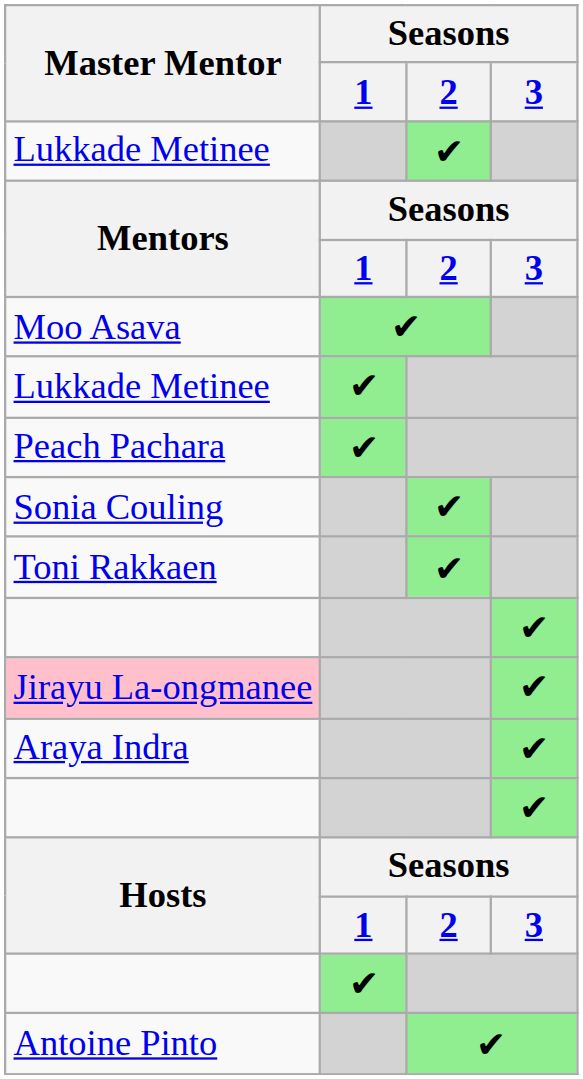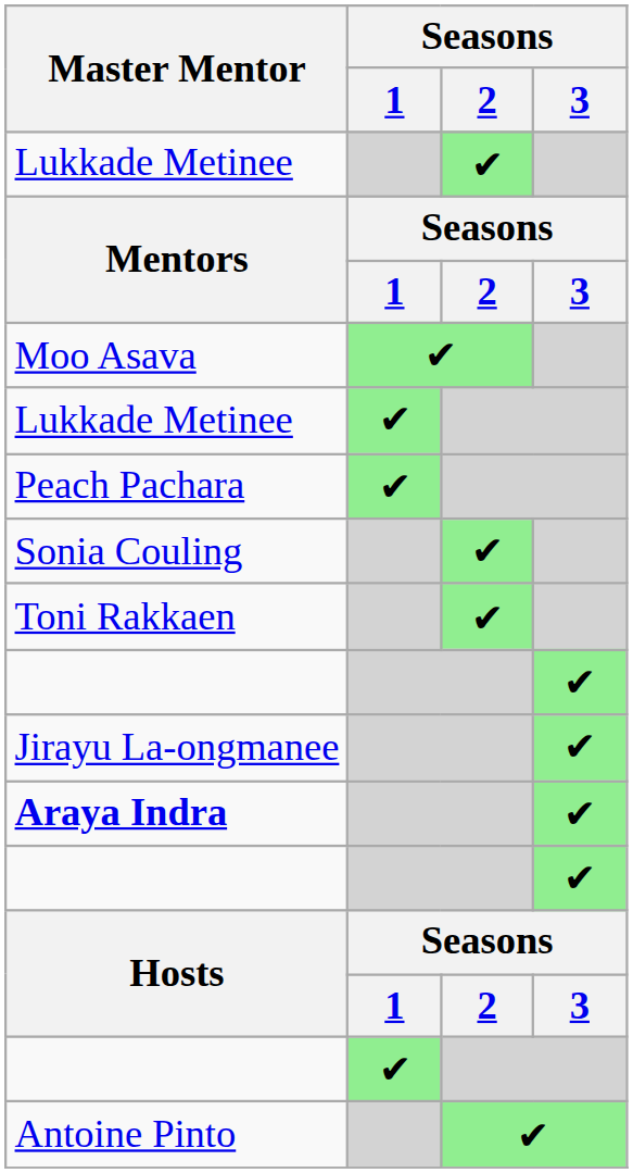 <table class="wikitable">
 <tr>
 <th rowspan="2">Master Mentor</th>
 <th colspan="3">Seasons</th>
 </tr>
 <tr>
 <th><strong><a href='#'>1</a></strong></th>
 <th><strong><a href='#'>2</a></strong></th>
 <th><strong><a href='#'>3</a></strong></th>
 </tr>
 <tr>
 <td><a href='#'>Lukkade Metinee</a></td>
 <td colspan="1" style="background: #D3D3D3"></td>
 <td colspan="1"  style = "background:lightgreen; text-align:center;">✔</td>
 <td colspan="2" style="background: #D3D3D3"></td>
 </tr>
 <tr>
 <th rowspan="2">Mentors</th>
 <th colspan="3">Seasons</th>
 </tr>
 <tr>
 <th style="width:30px;"><strong><a href='#'>1</a></strong></th>
 <th style="width:30px;"><strong><a href='#'>2</a></strong></th>
 <th style="width:30px;"><strong><a href='#'>3</a></strong></th>
 </tr>
 <tr>
 <td><a href='#'>Moo Asava</a></td>
 <td colspan="2"  style = "background:lightgreen; text-align:center;">✔</td>
 <td colspan="2" style="background: #D3D3D3"></td>
 </tr>
 <tr>
 <td><a href='#'>Lukkade Metinee</a></td>
 <td colspan="1"  style = "background:lightgreen; text-align:center;">✔</td>
 <td colspan="2" style="background: #D3D3D3"></td>
 </tr>
 <tr>
 <td><a href='#'>Peach Pachara</a></td>
 <td colspan="1"  style = "background:lightgreen; text-align:center;">✔</td>
 <td colspan="2" style="background: #D3D3D3"></td>
 </tr>
 <tr>
 <td><a href='#'>Sonia Couling</a></td>
 <td colspan="1" style="background: #D3D3D3"></td>
 <td colspan="1"  style = "background:lightgreen; text-align:center;">✔</td>
 <td colspan="2" style="background: #D3D3D3"></td>
 </tr>
 <tr>
 <td><a href='#'>Toni Rakkaen</a></td>
 <td colspan="1" style="background: #D3D3D3"></td>
 <td colspan="1"  style = "background:lightgreen; text-align:center;">✔</td>
 <td colspan="2" style="background: #D3D3D3"></td>
 </tr>
 <tr>
 <td></td>
 <td colspan="2" style="background: #D3D3D3"></td>
 <td colspan="1"  style = "background:lightgreen; text-align:center;">✔</td>
 </tr>
 <tr>
-<td style="background: pink;"><a href='#'>Jirayu La-ongmanee</a></td>
+<td><a href='#'>Jirayu La-ongmanee</a></td>
 <td colspan="2" style="background: #D3D3D3"></td>
 <td colspan="1"  style = "background:lightgreen; text-align:center;">✔</td>
 </tr>
 <tr>
-<td><a href='#'>Araya Indra</a></td>
+<td><strong><a href='#'>Araya Indra</a></strong></td>
 <td colspan="2" style="background: #D3D3D3"></td>
 <td colspan="1"  style = "background:lightgreen; text-align:center;">✔</td>
 </tr>
 <tr>
 <td></td>
 <td colspan="2" style="background: #D3D3D3"></td>
 <td colspan="1"  style = "background:lightgreen; text-align:center;">✔</td>
 </tr>
 <tr>
 <th rowspan="2">Hosts</th>
 <th colspan="3">Seasons</th>
 </tr>
 <tr>
 <th><strong><a href='#'>1</a></strong></th>
 <th><strong><a href='#'>2</a></strong></th>
 <th><strong><a href='#'>3</a></strong></th>
 </tr>
 <tr>
 <td></td>
 <td colspan="1"  style = "background:lightgreen; text-align:center;">✔</td>
 <td colspan="2" style="background: #D3D3D3"></td>
 </tr>
 <tr>
 <td><a href='#'>Antoine Pinto</a></td>
 <td colspan="1" style="background: #D3D3D3"></td>
 <td colspan="2"  style = "background:lightgreen; text-align:center;">✔</td>
 </tr>
 <tr>
 </tr>
 <tr>
 </tr>
 </table>
